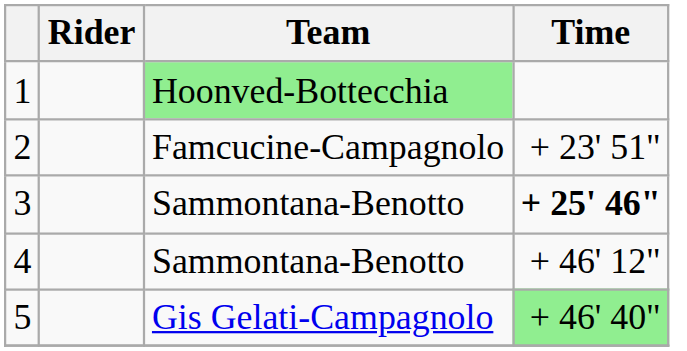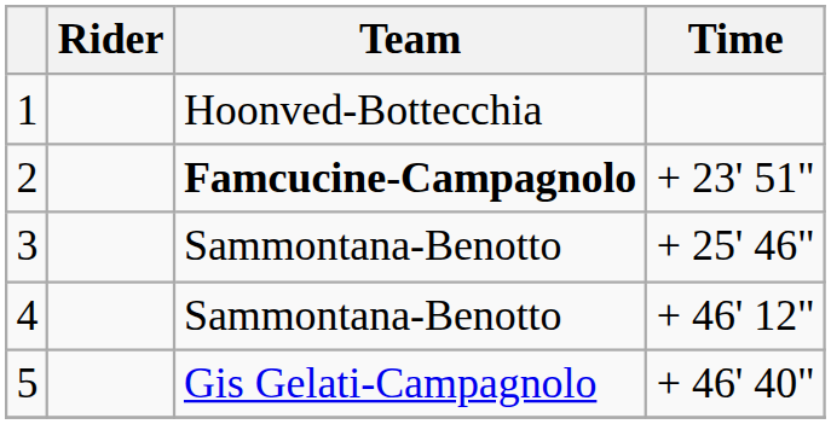 <table class="wikitable">
 <tr>
 <th></th>
 <th>Rider</th>
 <th>Team</th>
 <th>Time</th>
 </tr>
 <tr>
 <td>1</td>
 <td></td>
-<td style="background: lightgreen;">Hoonved-Bottecchia</td>
+<td>Hoonved-Bottecchia</td>
 <td align=right></td>
 </tr>
 <tr>
 <td>2</td>
 <td></td>
-<td>Famcucine-Campagnolo</td>
+<td><strong>Famcucine-Campagnolo</strong></td>
 <td align=right>+ 23' 51"</td>
 </tr>
 <tr>
 <td>3</td>
 <td></td>
 <td>Sammontana-Benotto</td>
-<td align=right><strong>+ 25' 46"</strong></td>
+<td align=right>+ 25' 46"</td>
 </tr>
 <tr>
 <td>4</td>
 <td></td>
 <td>Sammontana-Benotto</td>
 <td align=right>+ 46' 12"</td>
 </tr>
 <tr>
 <td>5</td>
 <td></td>
 <td><a href='#'>Gis Gelati-Campagnolo</a></td>
-<td align=right style="background: lightgreen;">+ 46' 40"</td>
+<td align=right>+ 46' 40"</td>
 </tr>
 <tr>
 </tr>
 </table>
